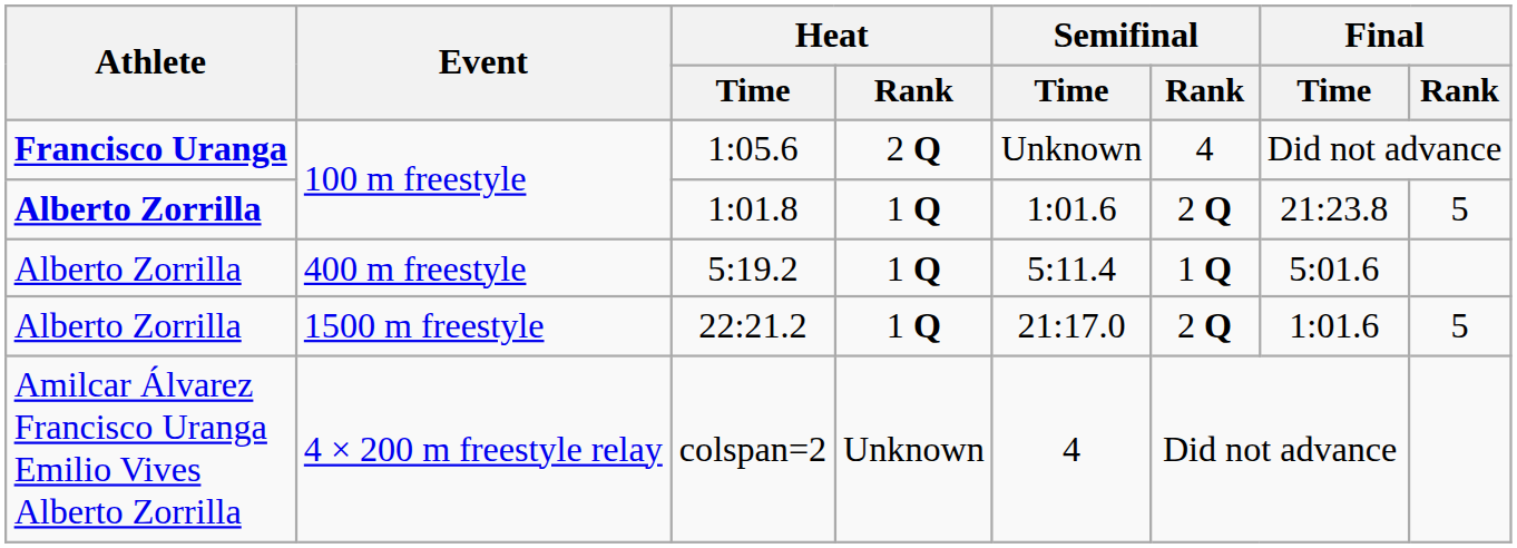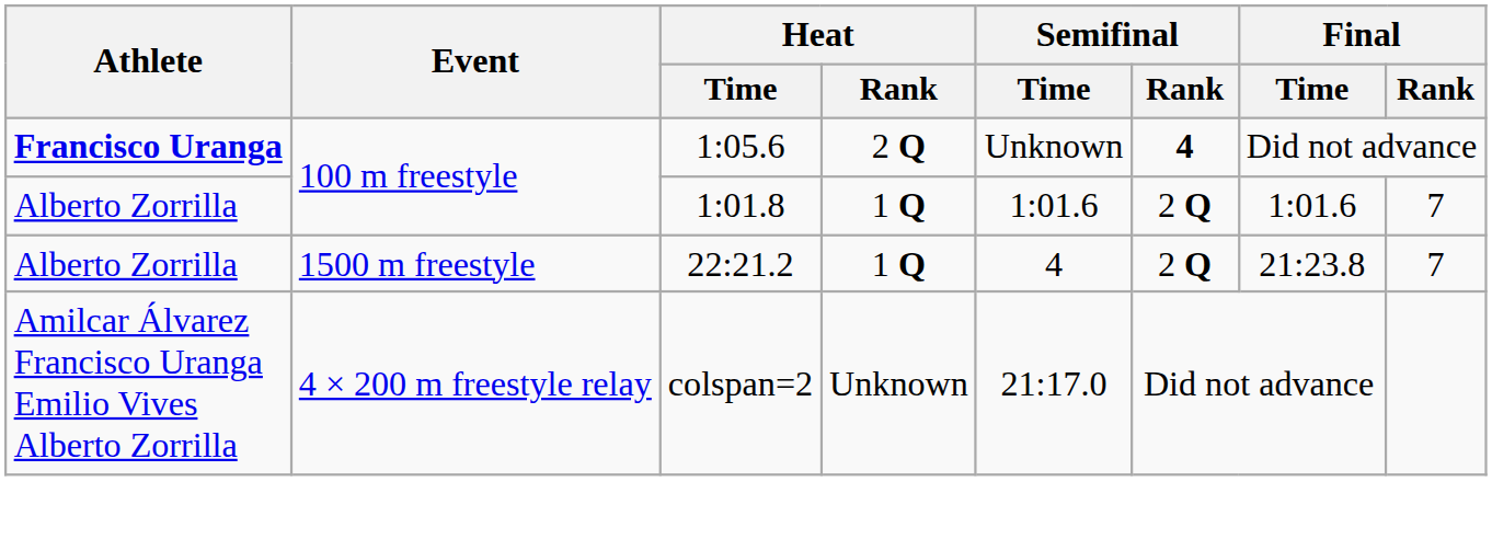 <table class=wikitable style=font-size:90%;text-align:center>
 <tr>
 <th rowspan=2>Athlete</th>
 <th rowspan=2>Event</th>
 <th colspan=2>Heat</th>
 <th colspan=2>Semifinal</th>
 <th colspan=2>Final</th>
 </tr>
 <tr style=font-size:95%>
 <th>Time</th>
 <th>Rank</th>
 <th>Time</th>
 <th>Rank</th>
 <th>Time</th>
 <th>Rank</th>
 </tr>
 <tr>
 <td align=left><strong><a href='#'>Francisco Uranga</a></strong></td>
 <td align=left rowspan=2><a href='#'>100 m freestyle</a></td>
 <td>1:05.6</td>
 <td>2 <strong>Q</strong></td>
 <td>Unknown</td>
-<td>4</td>
+<td><strong>4</strong></td>
 <td colspan=2>Did not advance</td>
 </tr>
 <tr>
-<td align=left><strong><a href='#'>Alberto Zorrilla</a></strong></td>
+<td align=left><a href='#'>Alberto Zorrilla</a></td>
 <td>1:01.8</td>
 <td>1 <strong>Q</strong></td>
 <td>1:01.6</td>
 <td>2 <strong>Q</strong></td>
-<td>21:23.8</td>
-<td>5</td>
-</tr>
-<tr>
-<td align=left><a href='#'>Alberto Zorrilla</a></td>
-<td align=left><a href='#'>400 m freestyle</a></td>
-<td>5:19.2</td>
-<td>1 <strong>Q</strong></td>
-<td>5:11.4</td>
-<td>1 <strong>Q</strong></td>
-<td>5:01.6 </td>
-<td></td>
+<td>1:01.6</td>
+<td>7</td>
 </tr>
 <tr>
 <td align=left><a href='#'>Alberto Zorrilla</a></td>
 <td align=left><a href='#'>1500 m freestyle</a></td>
 <td>22:21.2</td>
 <td>1 <strong>Q</strong></td>
-<td>21:17.0</td>
+<td>4</td>
 <td>2 <strong>Q</strong></td>
-<td>1:01.6</td>
-<td>5</td>
+<td>21:23.8</td>
+<td>7</td>
 </tr>
 <tr>
 <td align=left><a href='#'>Amilcar Álvarez</a> <br> <a href='#'>Francisco Uranga</a> <br> <a href='#'>Emilio Vives</a> <br> <a href='#'>Alberto Zorrilla</a></td>
 <td align=left><a href='#'>4 × 200 m freestyle relay</a></td>
 <td>colspan=2 </td>
 <td>Unknown</td>
-<td>4</td>
+<td>21:17.0</td>
 <td colspan=2>Did not advance</td>
 </tr>
 </table>
